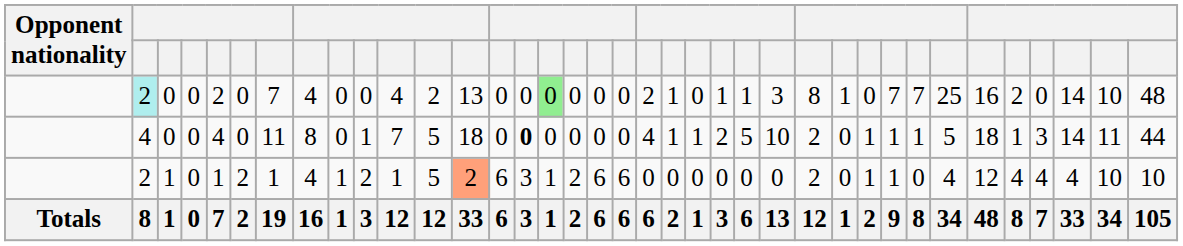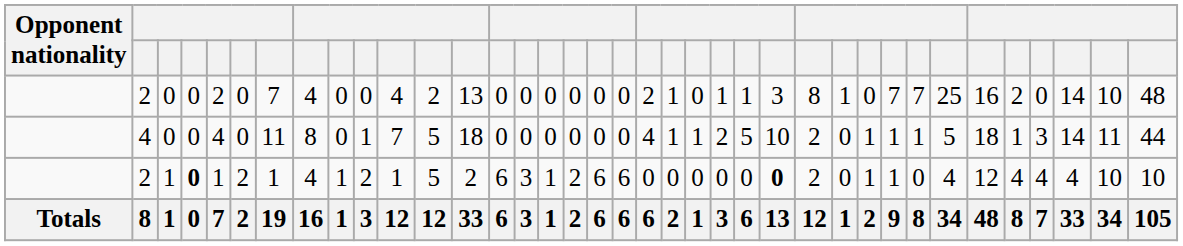 <table class="wikitable " style="text-align:center; font-size:80%">
 <tr>
 <th rowspan=2>Opponent<br>nationality</th>
 <th colspan=6></th>
 <th colspan=6></th>
 <th colspan=6></th>
 <th colspan=6></th>
 <th colspan=6></th>
 <th colspan=6></th>
 </tr>
 <tr>
 <th></th>
 <th></th>
 <th></th>
 <th></th>
 <th></th>
 <th></th>
 <th></th>
 <th></th>
 <th></th>
 <th></th>
 <th></th>
 <th></th>
 <th></th>
 <th></th>
 <th></th>
 <th></th>
 <th></th>
 <th></th>
 <th></th>
 <th></th>
 <th></th>
 <th></th>
 <th></th>
 <th></th>
 <th></th>
 <th></th>
 <th></th>
 <th></th>
 <th></th>
 <th></th>
 <th></th>
 <th></th>
 <th></th>
 <th></th>
 <th></th>
 <th></th>
 </tr>
 <tr>
 <td></td>
-<td style="background: paleturquoise;">2</td>
+<td>2</td>
 <td>0</td>
 <td>0</td>
 <td>2</td>
 <td>0</td>
 <td>7</td>
 <td>4</td>
 <td>0</td>
 <td>0</td>
 <td>4</td>
 <td>2</td>
 <td>13</td>
 <td>0</td>
 <td>0</td>
-<td style="background: lightgreen;">0</td>
+<td>0</td>
 <td>0</td>
 <td>0</td>
 <td>0</td>
 <td>2</td>
 <td>1</td>
 <td>0</td>
 <td>1</td>
 <td>1</td>
 <td>3</td>
 <td>8</td>
 <td>1</td>
 <td>0</td>
 <td>7</td>
 <td>7</td>
 <td>25</td>
 <td>16</td>
 <td>2</td>
 <td>0</td>
 <td>14</td>
 <td>10</td>
 <td>48</td>
 </tr>
 <tr>
 <td></td>
 <td>4</td>
 <td>0</td>
 <td>0</td>
 <td>4</td>
 <td>0</td>
 <td>11</td>
 <td>8</td>
 <td>0</td>
 <td>1</td>
 <td>7</td>
 <td>5</td>
 <td>18</td>
 <td>0</td>
-<td><strong>0</strong></td>
+<td>0</td>
 <td>0</td>
 <td>0</td>
 <td>0</td>
 <td>0</td>
 <td>4</td>
 <td>1</td>
 <td>1</td>
 <td>2</td>
 <td>5</td>
 <td>10</td>
 <td>2</td>
 <td>0</td>
 <td>1</td>
 <td>1</td>
 <td>1</td>
 <td>5</td>
 <td>18</td>
 <td>1</td>
 <td>3</td>
 <td>14</td>
 <td>11</td>
 <td>44</td>
 </tr>
 <tr>
 <td></td>
 <td>2</td>
 <td>1</td>
-<td>0</td>
+<td><strong>0</strong></td>
 <td>1</td>
 <td>2</td>
 <td>1</td>
 <td>4</td>
 <td>1</td>
 <td>2</td>
 <td>1</td>
 <td>5</td>
-<td style="background: lightsalmon;">2</td>
+<td>2</td>
 <td>6</td>
 <td>3</td>
 <td>1</td>
 <td>2</td>
 <td>6</td>
 <td>6</td>
 <td>0</td>
 <td>0</td>
 <td>0</td>
 <td>0</td>
 <td>0</td>
-<td>0</td>
+<td><strong>0</strong></td>
 <td>2</td>
 <td>0</td>
 <td>1</td>
 <td>1</td>
 <td>0</td>
 <td>4</td>
 <td>12</td>
 <td>4</td>
 <td>4</td>
 <td>4</td>
 <td>10</td>
 <td>10</td>
 </tr>
 <tr>
 <th>Totals</th>
 <th>8</th>
 <th>1</th>
 <th>0</th>
 <th>7</th>
 <th>2</th>
 <th>19</th>
 <th>16</th>
 <th>1</th>
 <th>3</th>
 <th>12</th>
 <th>12</th>
 <th>33</th>
 <th>6</th>
 <th>3</th>
 <th>1</th>
 <th>2</th>
 <th>6</th>
 <th>6</th>
 <th>6</th>
 <th>2</th>
 <th>1</th>
 <th>3</th>
 <th>6</th>
 <th>13</th>
 <th>12</th>
 <th>1</th>
 <th>2</th>
 <th>9</th>
 <th>8</th>
 <th>34</th>
 <th>48</th>
 <th>8</th>
 <th>7</th>
 <th>33</th>
 <th>34</th>
 <th>105</th>
 </tr>
 </table>
